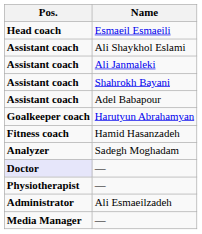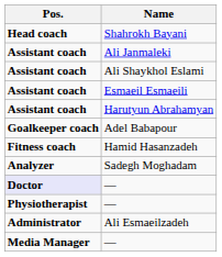 <table class="wikitable">
 <tr>
 <th>Pos.</th>
 <th>Name</th>
 </tr>
 <tr>
 <td><strong>Head coach</strong></td>
-<td> <a href='#'>Esmaeil Esmaeili</a></td>
+<td> <a href='#'>Shahrokh Bayani</a></td>
+</tr>
+<tr>
+<td><strong>Assistant coach</strong></td>
+<td> <a href='#'>Ali Janmaleki</a></td>
 </tr>
 <tr>
 <td><strong>Assistant coach</strong></td>
 <td> Ali Shaykhol Eslami</td>
 </tr>
 <tr>
 <td><strong>Assistant coach</strong></td>
-<td> <a href='#'>Ali Janmaleki</a></td>
+<td> <a href='#'>Esmaeil Esmaeili</a></td>
 </tr>
 <tr>
 <td><strong>Assistant coach</strong></td>
-<td> <a href='#'>Shahrokh Bayani</a></td>
-</tr>
-<tr>
-<td><strong>Assistant coach</strong></td>
-<td> Adel Babapour</td>
+<td> <a href='#'>Harutyun Abrahamyan</a></td>
 </tr>
 <tr>
 <td><strong>Goalkeeper coach</strong></td>
-<td> <a href='#'>Harutyun Abrahamyan</a></td>
+<td> Adel Babapour</td>
 </tr>
 <tr>
 <td><strong>Fitness coach</strong></td>
 <td> Hamid Hasanzadeh</td>
 </tr>
 <tr>
 <td><strong>Analyzer</strong></td>
 <td> Sadegh Moghadam</td>
 </tr>
 <tr>
 <td style="background: lavender;"><strong>Doctor</strong></td>
 <td>—</td>
 </tr>
 <tr>
 <td><strong>Physiotherapist</strong></td>
 <td>—</td>
 </tr>
 <tr>
 <td><strong>Administrator</strong></td>
 <td> Ali Esmaeilzadeh</td>
 </tr>
 <tr>
 <td><strong>Media Manager</strong></td>
 <td>—</td>
 </tr>
 </table>
